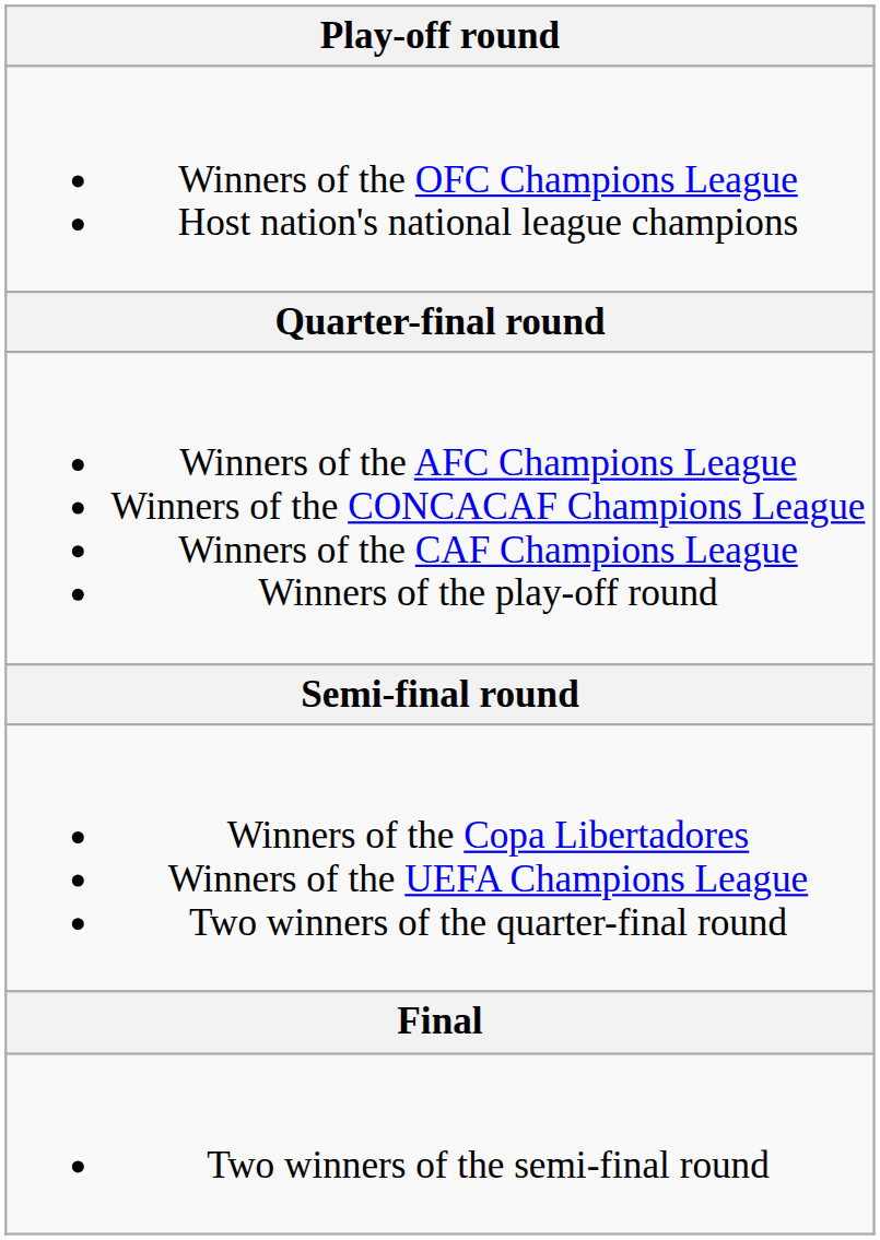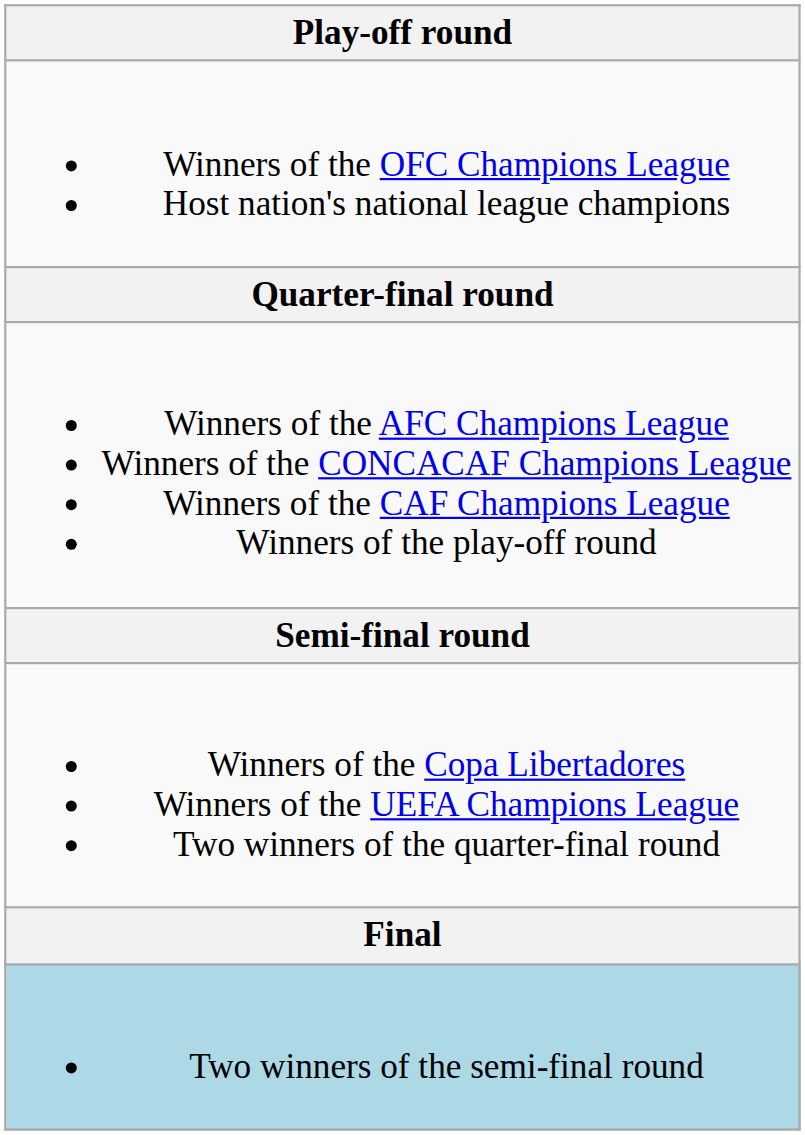 <table class="wikitable" style="text-align:center;margin-left:1em;float:right">
 <tr>
 <th scope=col>Play-off round</th>
 </tr>
 <tr>
 <td><br><ul><li>Winners of the <a href='#'>OFC Champions League</a></li><li>Host nation's national league champions</li></ul></td>
 </tr>
 <tr>
 <th scope=col>Quarter-final round</th>
 </tr>
 <tr>
 <td><br><ul><li>Winners of the <a href='#'>AFC Champions League</a></li><li>Winners of the <a href='#'>CONCACAF Champions League</a></li><li>Winners of the <a href='#'>CAF Champions League</a></li><li>Winners of the play-off round</li></ul></td>
 </tr>
 <tr>
 <th scope=col>Semi-final round</th>
 </tr>
 <tr>
 <td><br><ul><li>Winners of the <a href='#'>Copa Libertadores</a></li><li>Winners of the <a href='#'>UEFA Champions League</a></li><li>Two winners of the quarter-final round</li></ul></td>
 </tr>
 <tr>
 <th scope=col>Final</th>
 </tr>
 <tr>
-<td><br><ul><li>Two winners of the semi-final round</li></ul></td>
+<td style="background: lightblue;"><br><ul><li>Two winners of the semi-final round</li></ul></td>
 </tr>
 </table>
